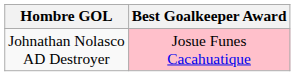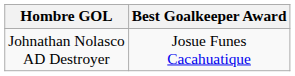 <table class="wikitable" style="margin: 0 auto;">
 <tr>
 <th>Hombre GOL</th>
 <th>Best Goalkeeper Award</th>
 </tr>
 <tr>
 <td align=center> Johnathan Nolasco <br> AD Destroyer</td>
-<td align=center style="background: pink;"> Josue Funes <br> <a href='#'>Cacahuatique</a></td>
+<td align=center> Josue Funes <br> <a href='#'>Cacahuatique</a></td>
 </tr>
 </table>
